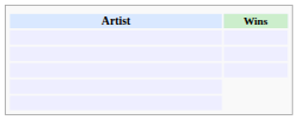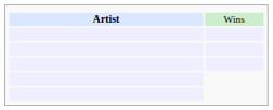 <table class="infobox" style="width: 25em; text-align: center; font-size: 70%; vertical-align: middle;">
 <tr>
 <td colspan="2" style="text-align:center;"></td>
 </tr>
 <tr style="background:#d9e8ff; text-align:center;">
 <th style="vertical-align: middle;">Artist</th>
-<td style="background:#cec; font-size:8pt; width:60px;"><strong>Wins</strong></td>
+<td style="background:#cec; font-size:8pt; width:60px;">Wins</td>
 </tr>
 <tr style="background:#eef;">
 <td style="text-align:center;"><br></td>
 <td></td>
 </tr>
 <tr style="background:#eef;">
 <td style="text-align:center;"><br></td>
 <td></td>
 </tr>
 <tr style="background:#eef;">
 <td style="text-align:center;"><br></td>
 <td></td>
 </tr>
 <tr style="background:#eef;">
 <td style="text-align:center;"><br></td>
 </tr>
 <tr style="background:#eef;">
 <td style="text-align:center;"><br></td>
 </tr>
 </table>
